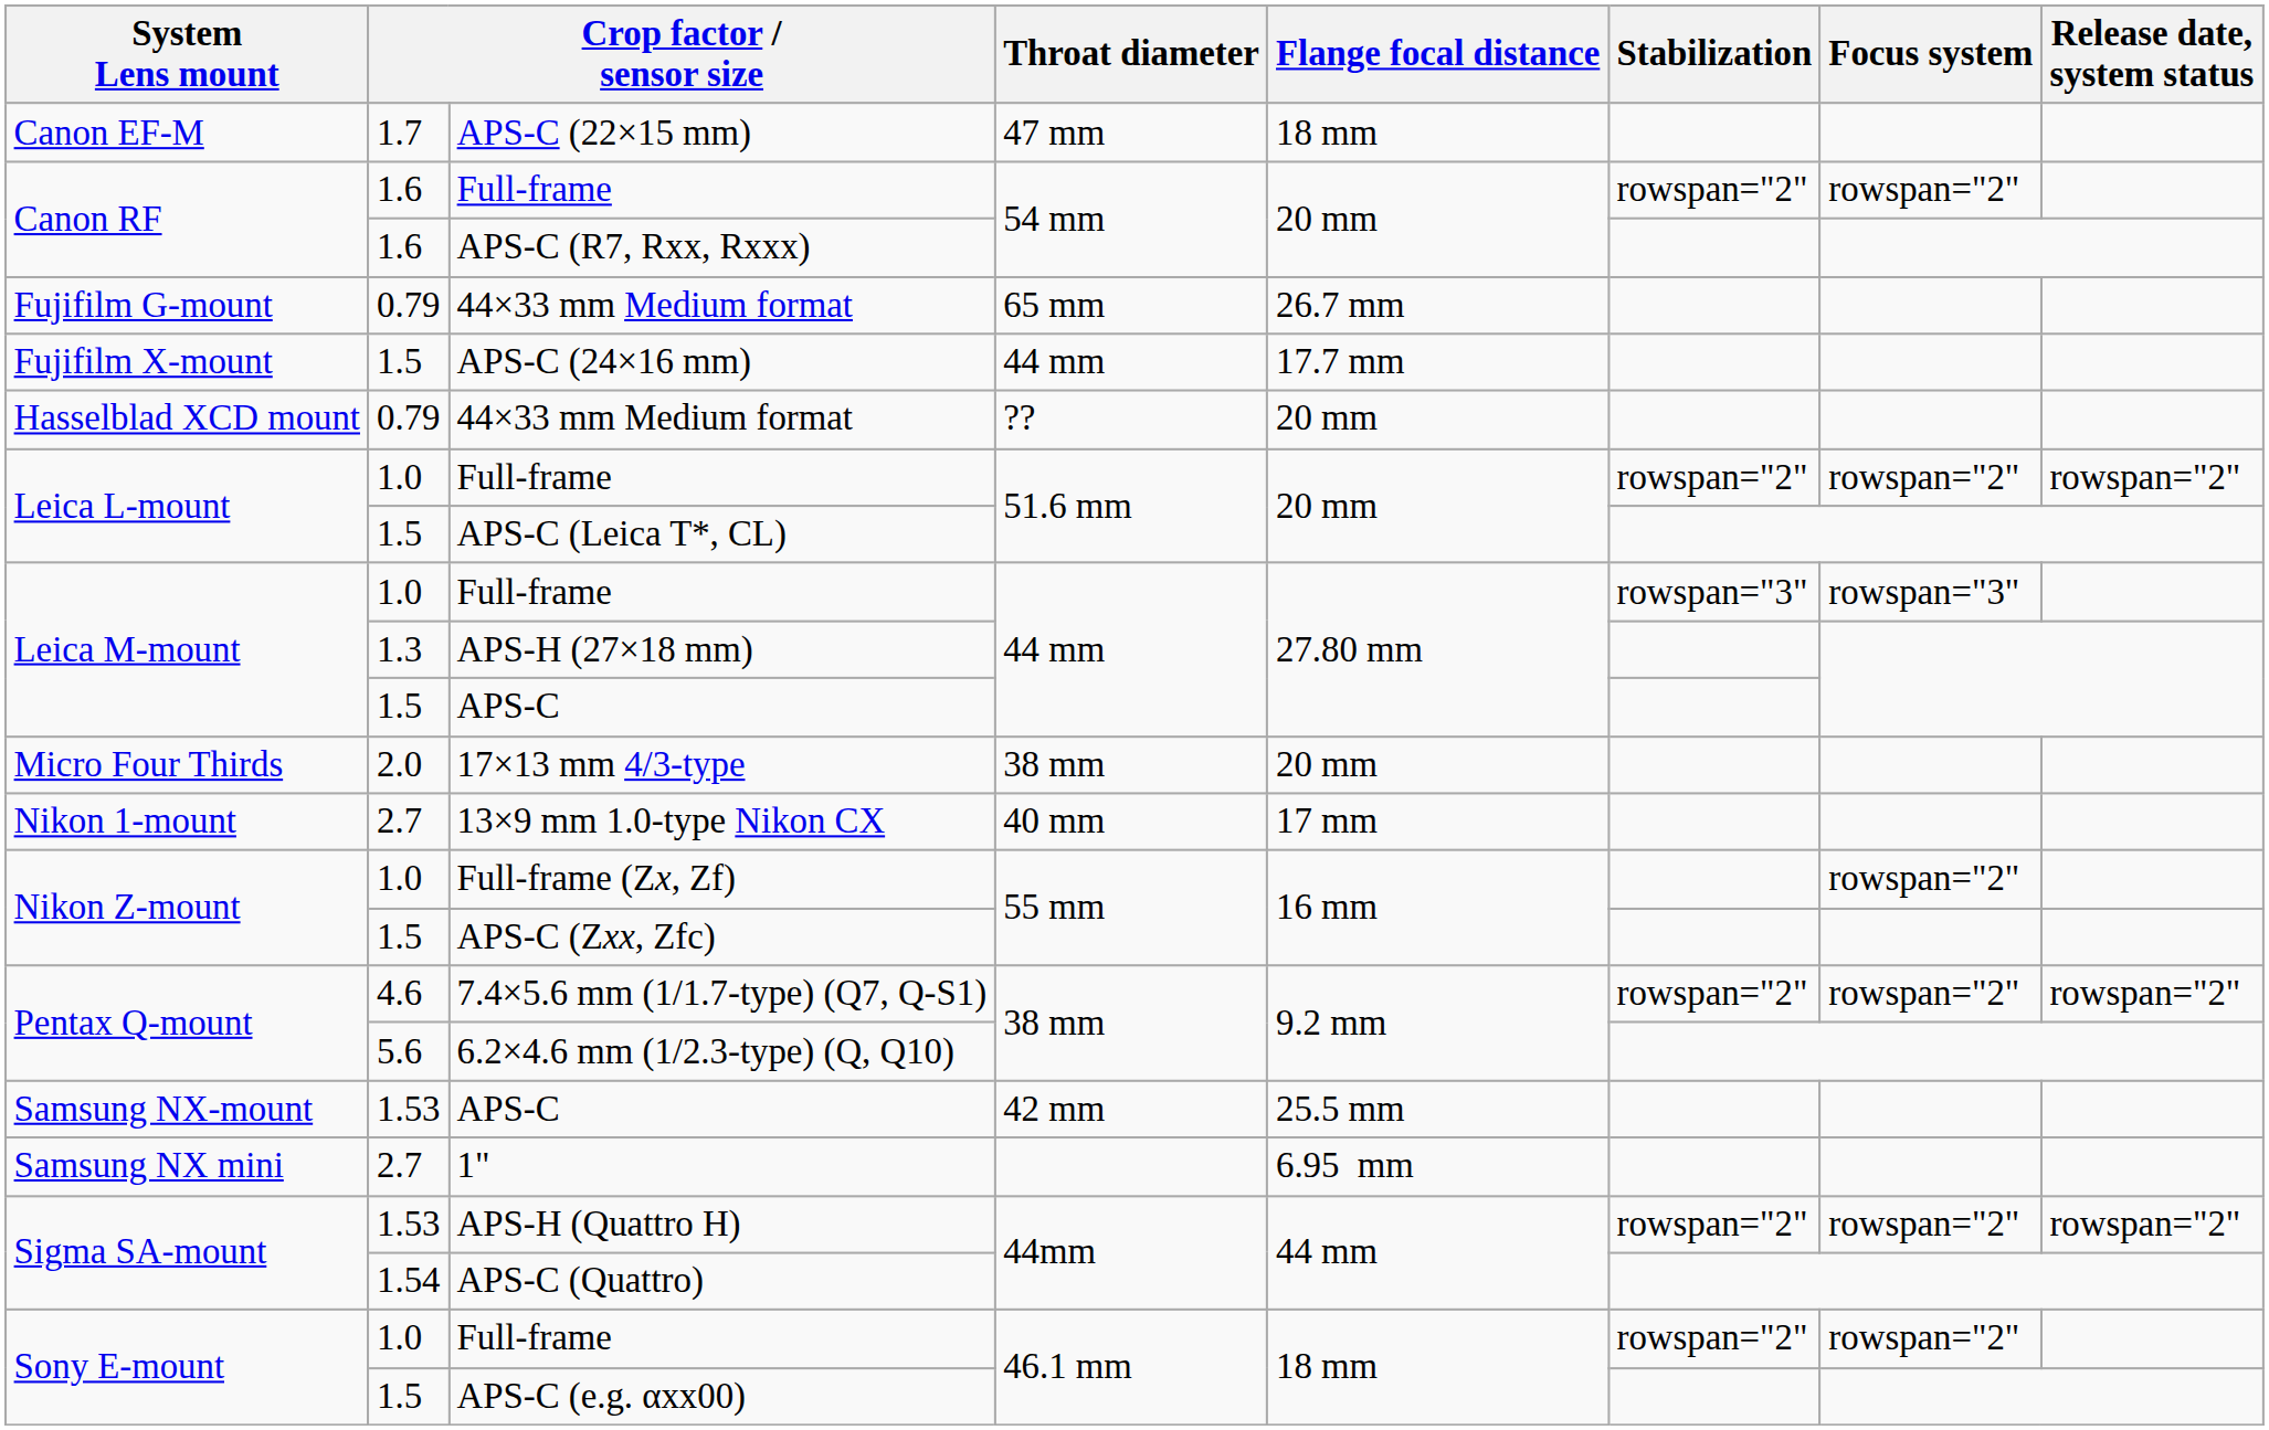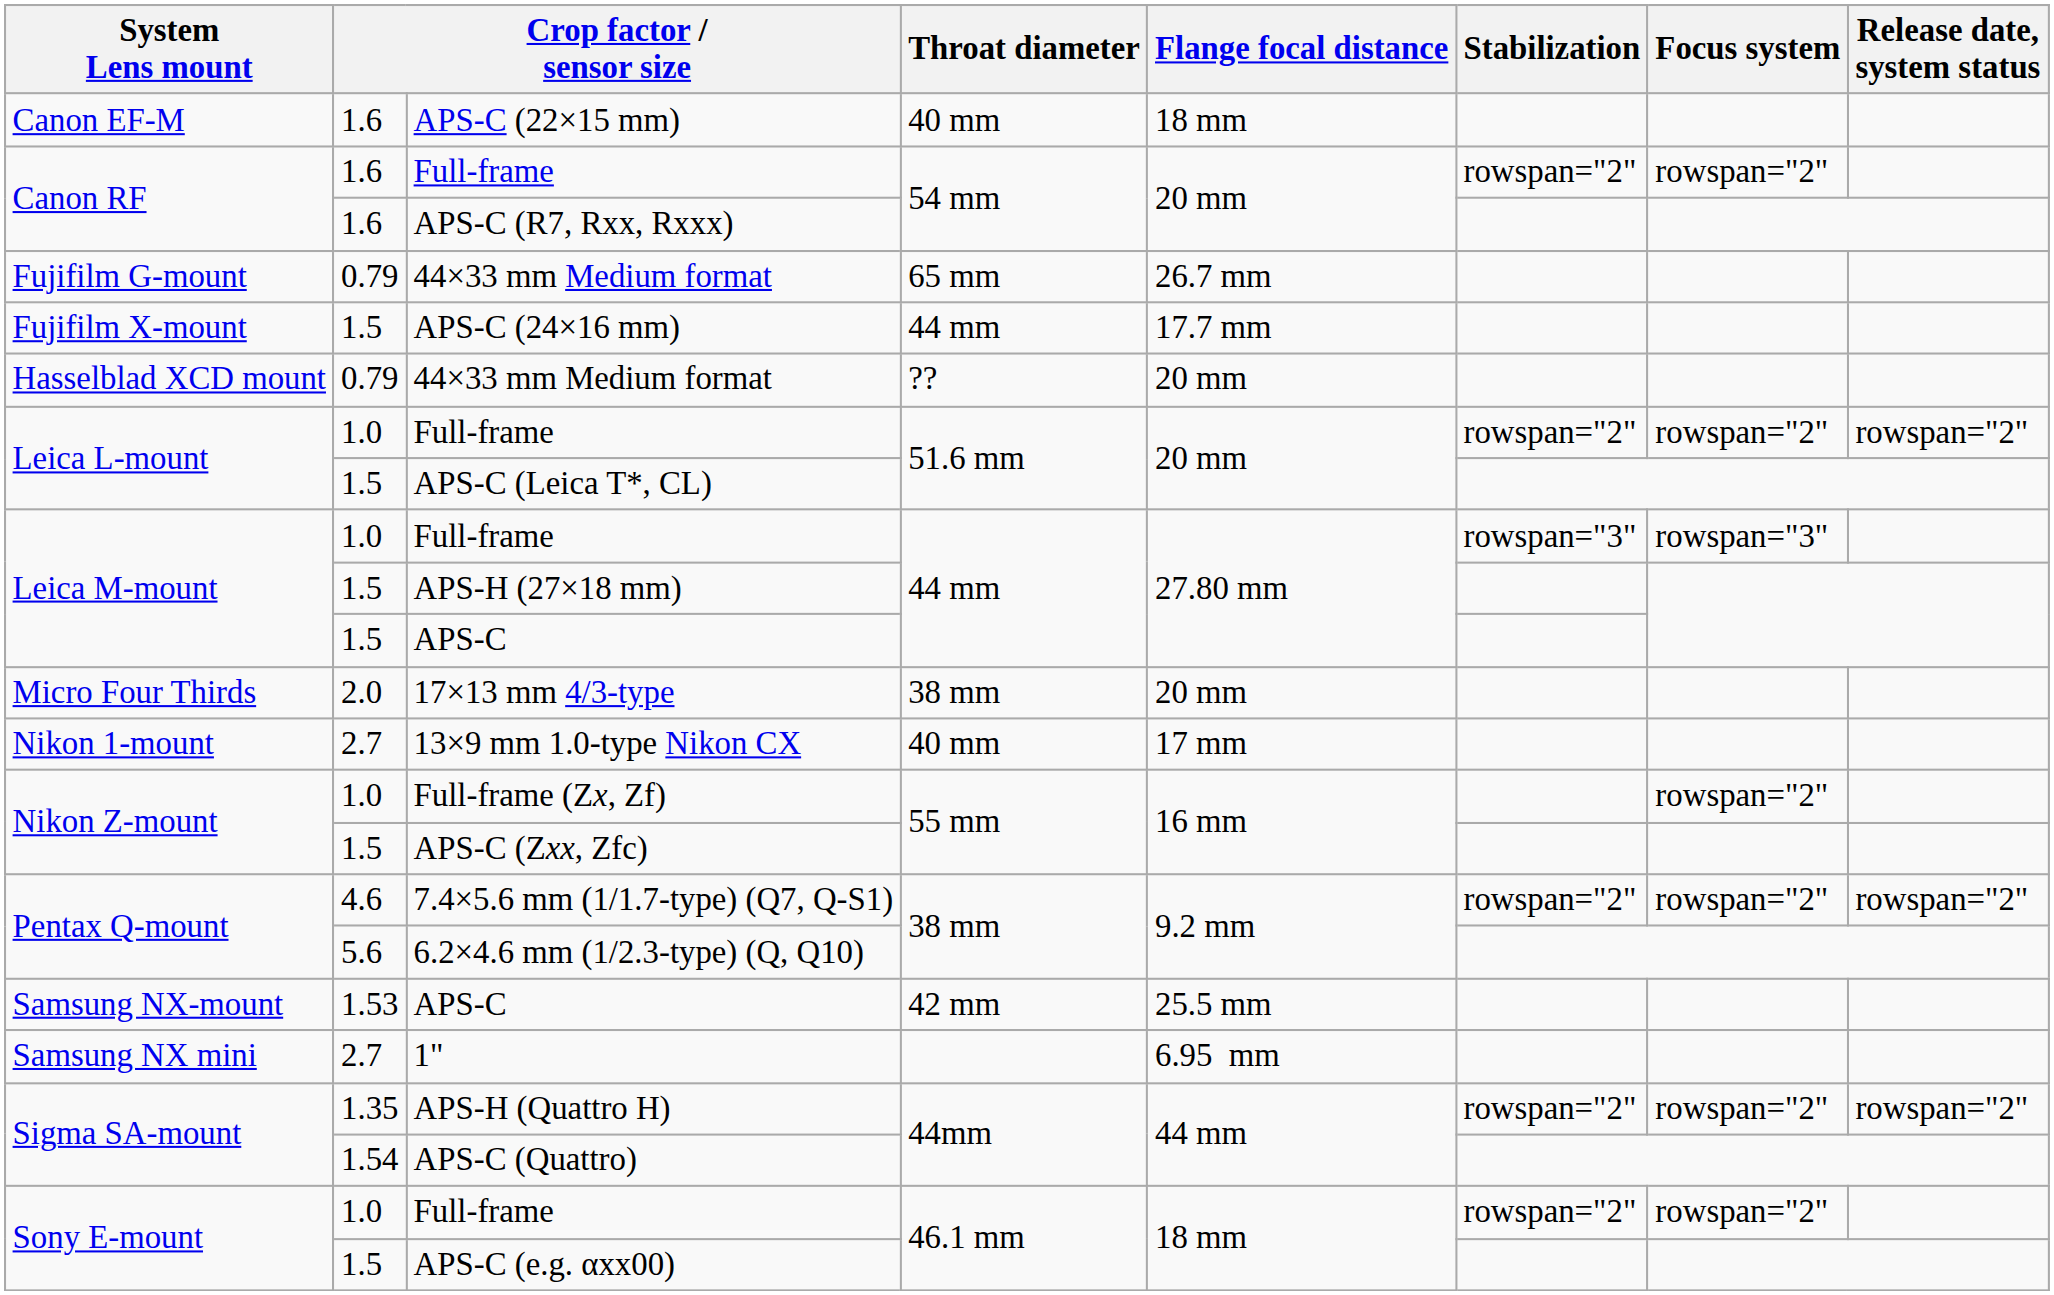 <table class="wikitable sortable">
 <tr>
 <th>System<br><a href='#'>Lens mount</a></th>
 <th colspan="2" data-sort-type="number"><a href='#'>Crop factor</a> /<br><a href='#'>sensor size</a></th>
 <th data-sort-type="number">Throat diameter</th>
 <th data-sort-type="number"><a href='#'>Flange focal distance</a></th>
 <th>Stabilization</th>
 <th>Focus system</th>
 <th>Release date,<br>system status</th>
 </tr>
 <tr>
 <td><a href='#'>Canon EF-M</a></td>
-<td>1.7</td>
+<td>1.6</td>
 <td><a href='#'>APS-C</a> (22×15 mm)</td>
-<td>47 mm</td>
+<td>40 mm</td>
 <td>18 mm</td>
 <td></td>
 <td></td>
 <td></td>
 </tr>
 <tr>
 <td rowspan="2"><a href='#'>Canon RF</a></td>
 <td>1.6</td>
 <td><a href='#'>Full-frame</a></td>
 <td rowspan="2">54 mm</td>
 <td rowspan="2">20 mm</td>
 <td>rowspan="2" </td>
 <td>rowspan="2" </td>
 <td></td>
 </tr>
 <tr>
 <td>1.6</td>
 <td>APS-C (R7, Rxx, Rxxx)</td>
 <td></td>
 </tr>
 <tr>
 <td><a href='#'>Fujifilm G-mount</a></td>
 <td>0.79</td>
 <td>44×33 mm <a href='#'>Medium format</a></td>
 <td>65 mm</td>
 <td>26.7 mm</td>
 <td></td>
 <td></td>
 <td></td>
 </tr>
 <tr>
 <td><a href='#'>Fujifilm X-mount</a></td>
 <td>1.5</td>
 <td>APS-C (24×16 mm)</td>
 <td>44 mm</td>
 <td>17.7 mm</td>
 <td></td>
 <td></td>
 <td></td>
 </tr>
 <tr>
 <td><a href='#'>Hasselblad XCD mount</a></td>
 <td>0.79</td>
 <td>44×33 mm Medium format</td>
 <td>??</td>
 <td>20 mm</td>
 <td></td>
 <td></td>
 <td></td>
 </tr>
 <tr>
 <td rowspan="2"><a href='#'>Leica L-mount</a></td>
 <td>1.0</td>
 <td>Full-frame</td>
 <td rowspan="2">51.6 mm</td>
 <td rowspan="2">20 mm</td>
 <td>rowspan="2" </td>
 <td>rowspan="2" </td>
 <td>rowspan="2" </td>
 </tr>
 <tr>
 <td>1.5</td>
 <td>APS-C (Leica T*, CL)</td>
 </tr>
 <tr>
 <td rowspan="3"><a href='#'>Leica M-mount</a></td>
 <td>1.0</td>
 <td>Full-frame</td>
 <td rowspan="3">44 mm</td>
 <td rowspan="3">27.80 mm</td>
 <td>rowspan="3" </td>
 <td>rowspan="3" </td>
 <td></td>
 </tr>
 <tr>
-<td>1.3</td>
+<td>1.5</td>
 <td>APS-H (27×18 mm)</td>
 <td></td>
 </tr>
 <tr>
 <td>1.5</td>
 <td>APS-C</td>
 <td></td>
 </tr>
 <tr>
 <td><a href='#'>Micro Four Thirds</a></td>
 <td>2.0</td>
 <td>17×13 mm <a href='#'>4/3-type</a></td>
 <td>38 mm</td>
 <td>20 mm</td>
 <td></td>
 <td></td>
 <td></td>
 </tr>
 <tr>
 <td><a href='#'>Nikon 1-mount</a></td>
 <td>2.7</td>
 <td>13×9 mm 1.0-type <a href='#'>Nikon CX</a></td>
 <td>40 mm</td>
 <td>17 mm</td>
 <td></td>
 <td></td>
 <td></td>
 </tr>
 <tr>
 <td rowspan="2"><a href='#'>Nikon Z-mount</a></td>
 <td>1.0</td>
 <td> Full-frame (Z<em>x</em>, Zf)</td>
 <td rowspan="2">55 mm</td>
 <td rowspan="2">16 mm</td>
 <td></td>
 <td>rowspan="2" </td>
 <td></td>
 </tr>
 <tr>
 <td>1.5</td>
 <td> APS-C (Z<em>xx</em>, Zfc)</td>
 <td></td>
 <td></td>
 </tr>
 <tr>
 <td rowspan="2"><a href='#'>Pentax Q-mount</a></td>
 <td>4.6</td>
 <td>7.4×5.6 mm (1/1.7-type) (Q7, Q-S1)</td>
 <td rowspan="2">38 mm</td>
 <td rowspan="2">9.2 mm</td>
 <td>rowspan="2" </td>
 <td>rowspan="2" </td>
 <td>rowspan="2" </td>
 </tr>
 <tr>
 <td>5.6</td>
 <td>6.2×4.6 mm (1/2.3-type) (Q, Q10)</td>
 </tr>
 <tr>
 <td><a href='#'>Samsung NX-mount</a></td>
 <td>1.53</td>
 <td>APS-C</td>
 <td>42 mm</td>
 <td>25.5 mm</td>
 <td></td>
 <td></td>
 <td></td>
 </tr>
 <tr>
 <td><a href='#'>Samsung NX mini</a></td>
 <td>2.7</td>
 <td>1"</td>
 <td></td>
 <td>6.95  mm</td>
 <td></td>
 <td></td>
 <td></td>
 </tr>
 <tr>
 <td rowspan="2"><a href='#'>Sigma SA-mount</a></td>
-<td>1.53</td>
+<td>1.35</td>
 <td>APS-H (Quattro H)</td>
 <td rowspan="2">44mm</td>
 <td rowspan="2">44 mm</td>
 <td>rowspan="2" </td>
 <td>rowspan="2" </td>
 <td>rowspan="2" </td>
 </tr>
 <tr>
 <td>1.54</td>
 <td>APS-C (Quattro)</td>
 </tr>
 <tr>
 <td rowspan="2"><a href='#'>Sony E-mount</a></td>
 <td>1.0</td>
 <td>Full-frame</td>
 <td rowspan="2">46.1 mm</td>
 <td rowspan="2">18 mm</td>
 <td>rowspan="2" </td>
 <td>rowspan="2" </td>
 <td></td>
 </tr>
 <tr>
 <td>1.5</td>
 <td>APS-C (e.g. αxx00)</td>
 <td></td>
 </tr>
 </table>
